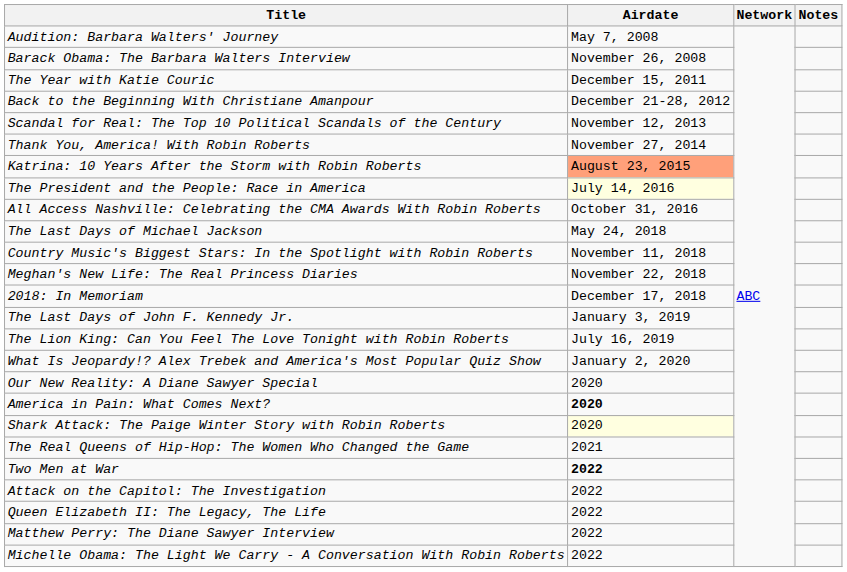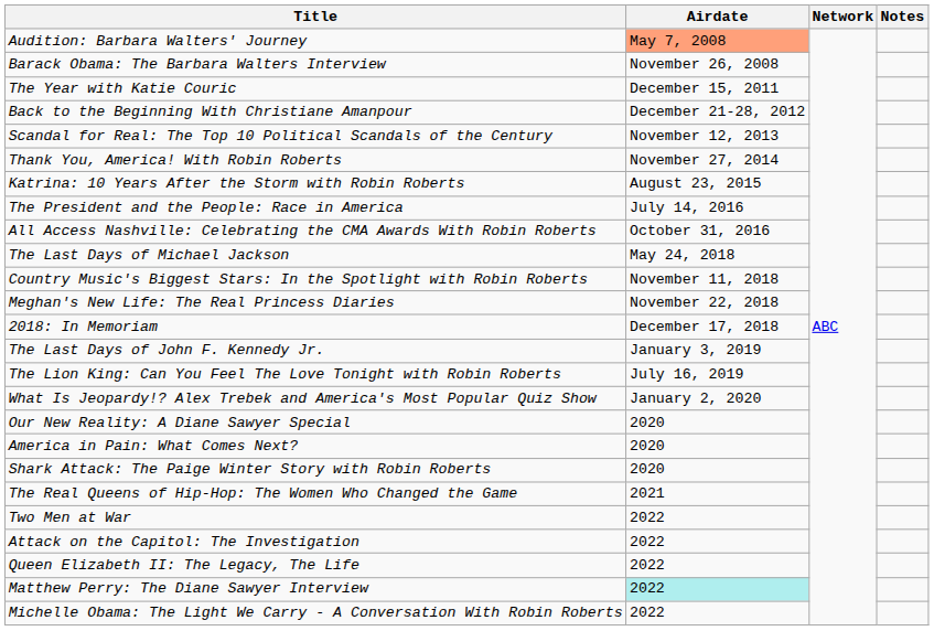 <table class="wikitable sortable">
 <tr>
 <th>Title</th>
 <th>Airdate</th>
 <th>Network</th>
 <th>Notes</th>
 </tr>
 <tr>
 <td><em>Audition: Barbara Walters' Journey</em></td>
-<td>May 7, 2008</td>
+<td style="background: lightsalmon;">May 7, 2008</td>
 <td rowspan="25"><a href='#'>ABC</a></td>
 <td></td>
 </tr>
 <tr>
 <td><em>Barack Obama: The Barbara Walters Interview</em></td>
 <td>November 26, 2008</td>
 <td></td>
 </tr>
 <tr>
 <td><em>The Year with Katie Couric</em></td>
 <td>December 15, 2011</td>
 <td></td>
 </tr>
 <tr>
 <td><em>Back to the Beginning With Christiane Amanpour</em></td>
 <td>December 21-28, 2012</td>
 <td></td>
 </tr>
 <tr>
 <td><em>Scandal for Real: The Top 10 Political Scandals of the Century</em></td>
 <td>November 12, 2013</td>
 <td></td>
 </tr>
 <tr>
 <td><em>Thank You, America! With Robin Roberts</em></td>
 <td>November 27, 2014</td>
 <td></td>
 </tr>
 <tr>
 <td><em>Katrina: 10 Years After the Storm with Robin Roberts</em></td>
-<td style="background: lightsalmon;">August 23, 2015</td>
+<td>August 23, 2015</td>
 <td></td>
 </tr>
 <tr>
 <td><em>The President and the People: Race in America</em></td>
-<td style="background: lightyellow;">July 14, 2016</td>
+<td>July 14, 2016</td>
 <td></td>
 </tr>
 <tr>
 <td><em>All Access Nashville: Celebrating the CMA Awards With Robin Roberts</em></td>
 <td>October 31, 2016</td>
 <td></td>
 </tr>
 <tr>
 <td><em>The Last Days of Michael Jackson</em></td>
 <td>May 24, 2018</td>
 <td></td>
 </tr>
 <tr>
 <td><em>Country Music's Biggest Stars: In the Spotlight with Robin Roberts</em></td>
 <td>November 11, 2018</td>
 <td></td>
 </tr>
 <tr>
 <td><em>Meghan's New Life: The Real Princess Diaries</em></td>
 <td>November 22, 2018</td>
 <td></td>
 </tr>
 <tr>
 <td><em>2018: In Memoriam</em></td>
 <td>December 17, 2018</td>
 <td></td>
 </tr>
 <tr>
 <td><em>The Last Days of John F. Kennedy Jr.</em></td>
 <td>January 3, 2019</td>
 <td></td>
 </tr>
 <tr>
 <td><em>The Lion King: Can You Feel The Love Tonight with Robin Roberts</em></td>
 <td>July 16, 2019</td>
 <td></td>
 </tr>
 <tr>
 <td><em>What Is Jeopardy!? Alex Trebek and America's Most Popular Quiz Show</em></td>
 <td>January 2, 2020</td>
 <td></td>
 </tr>
 <tr>
 <td><em>Our New Reality: A Diane Sawyer Special</em></td>
 <td>2020</td>
 <td></td>
 </tr>
 <tr>
 <td><em>America in Pain: What Comes Next?</em></td>
-<td><strong>2020</strong></td>
+<td>2020</td>
 <td></td>
 </tr>
 <tr>
 <td><em>Shark Attack: The Paige Winter Story with Robin Roberts</em></td>
-<td style="background: lightyellow;">2020</td>
+<td>2020</td>
 <td></td>
 </tr>
 <tr>
 <td><em>The Real Queens of Hip-Hop: The Women Who Changed the Game</em></td>
 <td>2021</td>
 <td></td>
 </tr>
 <tr>
 <td><em>Two Men at War</em></td>
-<td><strong>2022</strong></td>
+<td>2022</td>
 <td></td>
 </tr>
 <tr>
 <td><em>Attack on the Capitol: The Investigation</em></td>
 <td>2022</td>
 <td></td>
 </tr>
 <tr>
 <td><em>Queen Elizabeth II: The Legacy, The Life</em></td>
 <td>2022</td>
 <td></td>
 </tr>
 <tr>
 <td><em>Matthew Perry: The Diane Sawyer Interview</em></td>
-<td>2022</td>
+<td style="background: paleturquoise;">2022</td>
 <td></td>
 </tr>
 <tr>
 <td><em>Michelle Obama: The Light We Carry - A Conversation With Robin Roberts</em></td>
 <td>2022</td>
 <td></td>
 </tr>
 </table>
